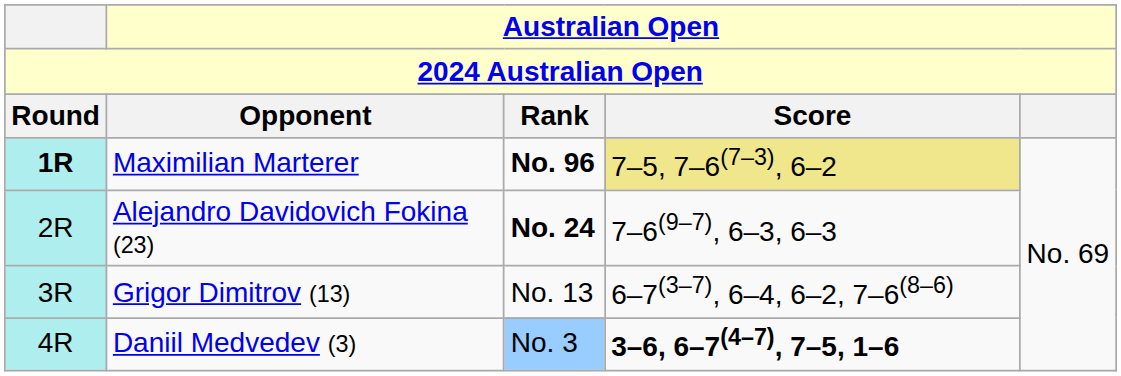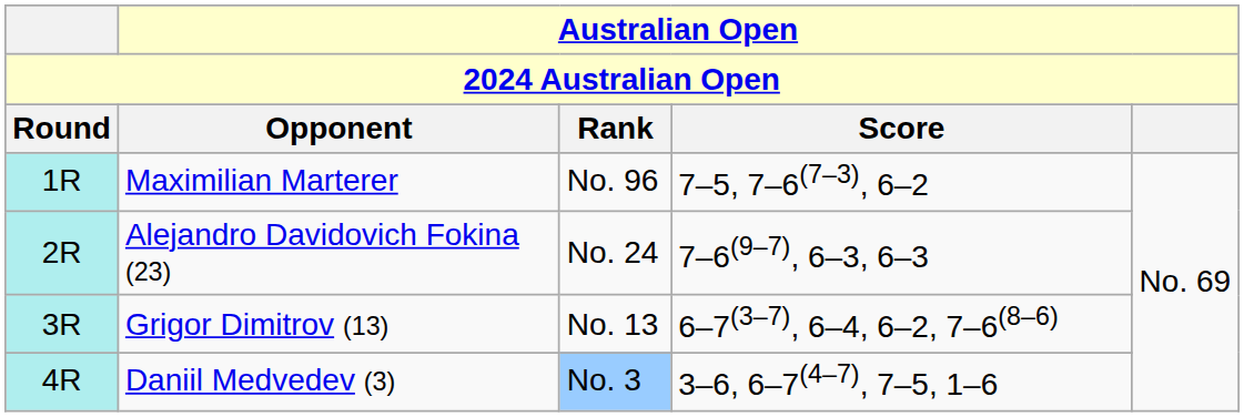 <table class="wikitable collapsible collapsed">
 <tr>
 <th></th>
 <th colspan=4 style="background:#ffc;"><a href='#'>Australian Open</a></th>
 </tr>
 <tr>
 <th colspan=5 style="background:#ffc;"><a href='#'>2024 Australian Open</a></th>
 </tr>
 <tr>
 <th>Round</th>
 <th width=220>Opponent</th>
 <th width=50>Rank</th>
 <th width=230>Score</th>
 <th></th>
 </tr>
 <tr>
-<td style="text-align:center; background:#afeeee;"><strong>1R</strong></td>
+<td style="text-align:center; background:#afeeee;">1R</td>
 <td> <a href='#'>Maximilian Marterer</a></td>
-<td><strong>No. 96</strong></td>
-<td style="background: khaki;">7–5, 7–6<sup>(7–3)</sup>, 6–2</td>
+<td>No. 96</td>
+<td>7–5, 7–6<sup>(7–3)</sup>, 6–2</td>
 <td rowspan=4>No. 69</td>
 </tr>
 <tr>
 <td style="text-align:center; background:#afeeee;">2R</td>
 <td> <a href='#'>Alejandro Davidovich Fokina</a> <small>(23)</small></td>
-<td><strong>No. 24</strong></td>
+<td>No. 24</td>
 <td>7–6<sup>(9–7)</sup>, 6–3, 6–3</td>
 </tr>
 <tr>
 <td style="text-align:center; background:#afeeee;">3R</td>
 <td> <a href='#'>Grigor Dimitrov</a> <small>(13)</small></td>
 <td>No. 13</td>
 <td>6–7<sup>(3–7)</sup>, 6–4, 6–2, 7–6<sup>(8–6)</sup></td>
 </tr>
 <tr>
 <td style="text-align:center; background:#afeeee;">4R</td>
 <td> <a href='#'>Daniil Medvedev</a> <small>(3)</small></td>
 <td bgcolor=#9cf>No. 3</td>
-<td><strong>3–6, 6–7<sup>(4–7)</sup>, 7–5, 1–6</strong></td>
+<td>3–6, 6–7<sup>(4–7)</sup>, 7–5, 1–6</td>
 </tr>
 </table>
